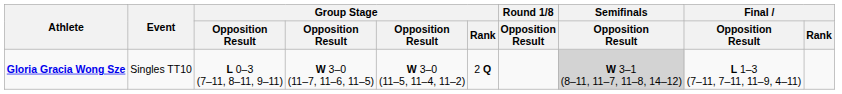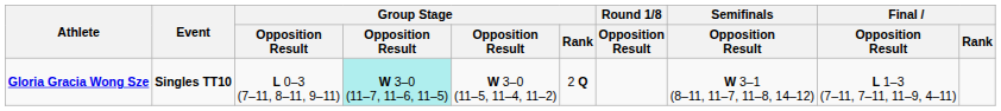 <table class=wikitable style="font-size:95%">
 <tr>
 <th rowspan="2">Athlete</th>
 <th rowspan="2">Event</th>
 <th colspan="4">Group Stage</th>
 <th>Round 1/8</th>
 <th>Semifinals</th>
 <th colspan="2">Final / </th>
 </tr>
 <tr>
 <th>Opposition<br>Result</th>
 <th>Opposition<br>Result</th>
 <th>Opposition<br>Result</th>
 <th>Rank</th>
 <th>Opposition<br>Result</th>
 <th>Opposition<br>Result</th>
 <th>Opposition<br>Result</th>
 <th>Rank</th>
 </tr>
 <tr align=center>
 <td align=left><strong><a href='#'>Gloria Gracia Wong Sze</a></strong></td>
-<td align=left>Singles TT10</td>
+<td align=left><strong>Singles TT10</strong></td>
 <td><br><strong>L</strong> 0–3<br>(7–11, 8–11, 9–11)</td>
-<td><br><strong>W</strong> 3–0<br>(11–7, 11–6, 11–5)</td>
+<td style="background: paleturquoise;"><br><strong>W</strong> 3–0<br>(11–7, 11–6, 11–5)</td>
 <td><br><strong>W</strong> 3–0<br>(11–5, 11–4, 11–2)</td>
 <td>2 <strong>Q</strong></td>
 <td></td>
-<td style="background: lightgrey;"><br><strong>W</strong> 3–1<br>(8–11, 11–7, 11–8, 14–12)</td>
+<td><br><strong>W</strong> 3–1<br>(8–11, 11–7, 11–8, 14–12)</td>
 <td><br><strong>L</strong> 1–3<br>(7–11, 7–11, 11–9, 4–11)</td>
 <td></td>
 </tr>
 </table>
